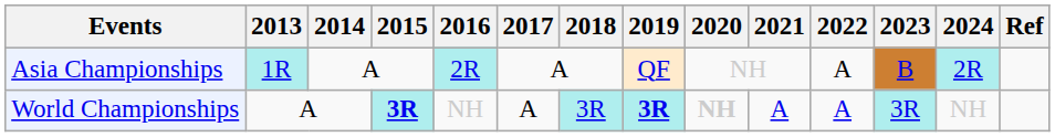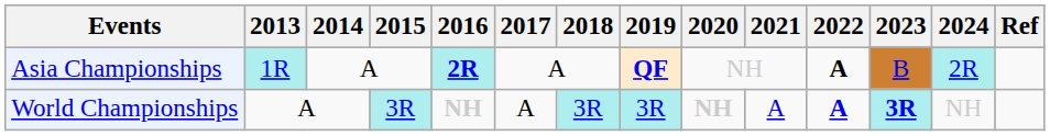 <table style='font-size: 90%; text-align:center;' class='wikitable'>
 <tr>
 <th>Events</th>
 <th>2013</th>
 <th>2014</th>
 <th>2015</th>
 <th>2016</th>
 <th>2017</th>
 <th>2018</th>
 <th>2019</th>
 <th>2020</th>
 <th>2021</th>
 <th>2022</th>
 <th>2023</th>
 <th>2024</th>
 <th>Ref</th>
 </tr>
 <tr>
 <td bgcolor="#ECF2FF"; align="left"><a href='#'>Asia Championships</a></td>
 <td bgcolor=AFEEEE><a href='#'>1R</a></td>
 <td colspan="2">A</td>
-<td bgcolor=AFEEEE><a href='#'>2R</a></td>
+<td bgcolor=AFEEEE><strong><a href='#'>2R</a></strong></td>
 <td colspan="2">A</td>
-<td bgcolor=FFEBCD><a href='#'>QF</a></td>
+<td bgcolor=FFEBCD><strong><a href='#'>QF</a></strong></td>
 <td colspan="2" style=color:#ccc>NH</td>
-<td>A</td>
+<td><strong>A</strong></td>
 <td bgcolor=CD7F32><a href='#'>B</a></td>
 <td bgcolor=AFEEEE><a href='#'>2R</a></td>
 <td></td>
 </tr>
 <tr>
 <td bgcolor="#ECF2FF"; align="left"><a href='#'>World Championships</a></td>
 <td colspan="2">A</td>
-<td bgcolor=AFEEEE><strong><a href='#'>3R</a></strong></td>
-<td style=color:#ccc>NH</td>
+<td bgcolor=AFEEEE><a href='#'>3R</a></td>
+<td style=color:#ccc><strong>NH</strong></td>
 <td>A</td>
 <td bgcolor=AFEEEE><a href='#'>3R</a></td>
-<td bgcolor=AFEEEE><strong><a href='#'>3R</a></strong></td>
+<td bgcolor=AFEEEE><a href='#'>3R</a></td>
 <td style=color:#ccc><strong>NH</strong></td>
 <td><a href='#'>A</a></td>
-<td><a href='#'>A</a></td>
-<td bgcolor=AFEEEE><a href='#'>3R</a></td>
+<td><strong><a href='#'>A</a></strong></td>
+<td bgcolor=AFEEEE><strong><a href='#'>3R</a></strong></td>
 <td style=color:#ccc>NH</td>
 <td></td>
 </tr>
 </table>
